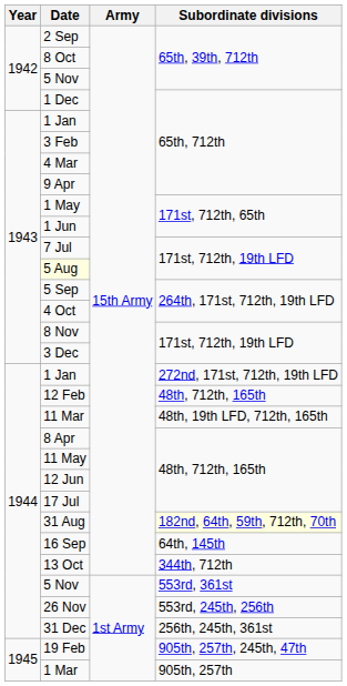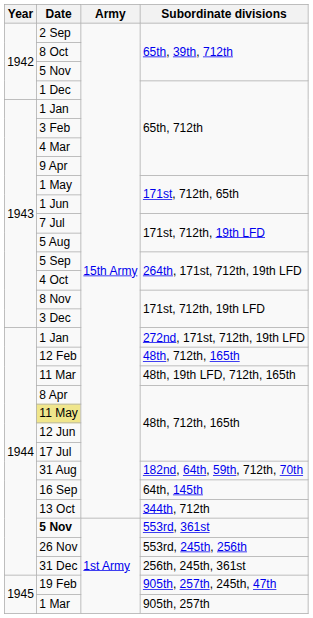 <table class="wikitable">
 <tr>
 <th>Year</th>
 <th>Date</th>
 <th>Army</th>
 <th>Subordinate divisions</th>
 </tr>
 <tr>
 <td rowspan="4">1942</td>
 <td>2 Sep</td>
 <td rowspan="26"><a href='#'>15th Army</a></td>
 <td rowspan="3"><a href='#'>65th</a>, <a href='#'>39th</a>, <a href='#'>712th</a></td>
 </tr>
 <tr>
 <td>8 Oct</td>
 </tr>
 <tr>
 <td>5 Nov</td>
 </tr>
 <tr>
 <td>1 Dec</td>
 <td rowspan="5">65th, 712th</td>
 </tr>
 <tr>
 <td rowspan="12">1943</td>
 <td>1 Jan</td>
 </tr>
 <tr>
 <td>3 Feb</td>
 </tr>
 <tr>
 <td>4 Mar</td>
 </tr>
 <tr>
 <td>9 Apr</td>
 </tr>
 <tr>
 <td>1 May</td>
 <td rowspan="2"><a href='#'>171st</a>, 712th, 65th</td>
 </tr>
 <tr>
 <td>1 Jun</td>
 </tr>
 <tr>
 <td>7 Jul</td>
 <td rowspan="2">171st, 712th, <a href='#'>19th LFD</a></td>
 </tr>
 <tr>
-<td style="background: lightyellow;">5 Aug</td>
+<td>5 Aug</td>
 </tr>
 <tr>
 <td>5 Sep</td>
 <td rowspan="2"><a href='#'>264th</a>, 171st, 712th, 19th LFD</td>
 </tr>
 <tr>
 <td>4 Oct</td>
 </tr>
 <tr>
 <td>8 Nov</td>
 <td rowspan="2">171st, 712th, 19th LFD</td>
 </tr>
 <tr>
 <td>3 Dec</td>
 </tr>
 <tr>
 <td rowspan="13">1944</td>
 <td>1 Jan</td>
 <td><a href='#'>272nd</a>, 171st, 712th, 19th LFD</td>
 </tr>
 <tr>
 <td>12 Feb</td>
 <td><a href='#'>48th</a>, 712th, <a href='#'>165th</a></td>
 </tr>
 <tr>
 <td>11 Mar</td>
 <td>48th, 19th LFD, 712th, 165th</td>
 </tr>
 <tr>
 <td>8 Apr</td>
 <td rowspan="4">48th, 712th, 165th</td>
 </tr>
 <tr>
-<td>11 May</td>
+<td style="background: khaki;">11 May</td>
 </tr>
 <tr>
 <td>12 Jun</td>
 </tr>
 <tr>
 <td>17 Jul</td>
 </tr>
 <tr>
 <td>31 Aug</td>
-<td style="background: lightyellow;"><a href='#'>182nd</a>, <a href='#'>64th</a>, <a href='#'>59th</a>, 712th, <a href='#'>70th</a></td>
+<td><a href='#'>182nd</a>, <a href='#'>64th</a>, <a href='#'>59th</a>, 712th, <a href='#'>70th</a></td>
 </tr>
 <tr>
 <td>16 Sep</td>
 <td>64th, <a href='#'>145th</a></td>
 </tr>
 <tr>
 <td>13 Oct</td>
 <td><a href='#'>344th</a>, 712th</td>
 </tr>
 <tr>
-<td>5 Nov</td>
+<td><strong>5 Nov</strong></td>
 <td rowspan="5"><a href='#'>1st Army</a></td>
 <td><a href='#'>553rd</a>, <a href='#'>361st</a></td>
 </tr>
 <tr>
 <td>26 Nov</td>
 <td>553rd, <a href='#'>245th</a>, <a href='#'>256th</a></td>
 </tr>
 <tr>
 <td>31 Dec</td>
 <td>256th, 245th, 361st</td>
 </tr>
 <tr>
 <td rowspan="2">1945</td>
 <td>19 Feb</td>
 <td><a href='#'>905th</a>, <a href='#'>257th</a>, 245th, <a href='#'>47th</a></td>
 </tr>
 <tr>
 <td>1 Mar</td>
 <td>905th, 257th</td>
 </tr>
 </table>
